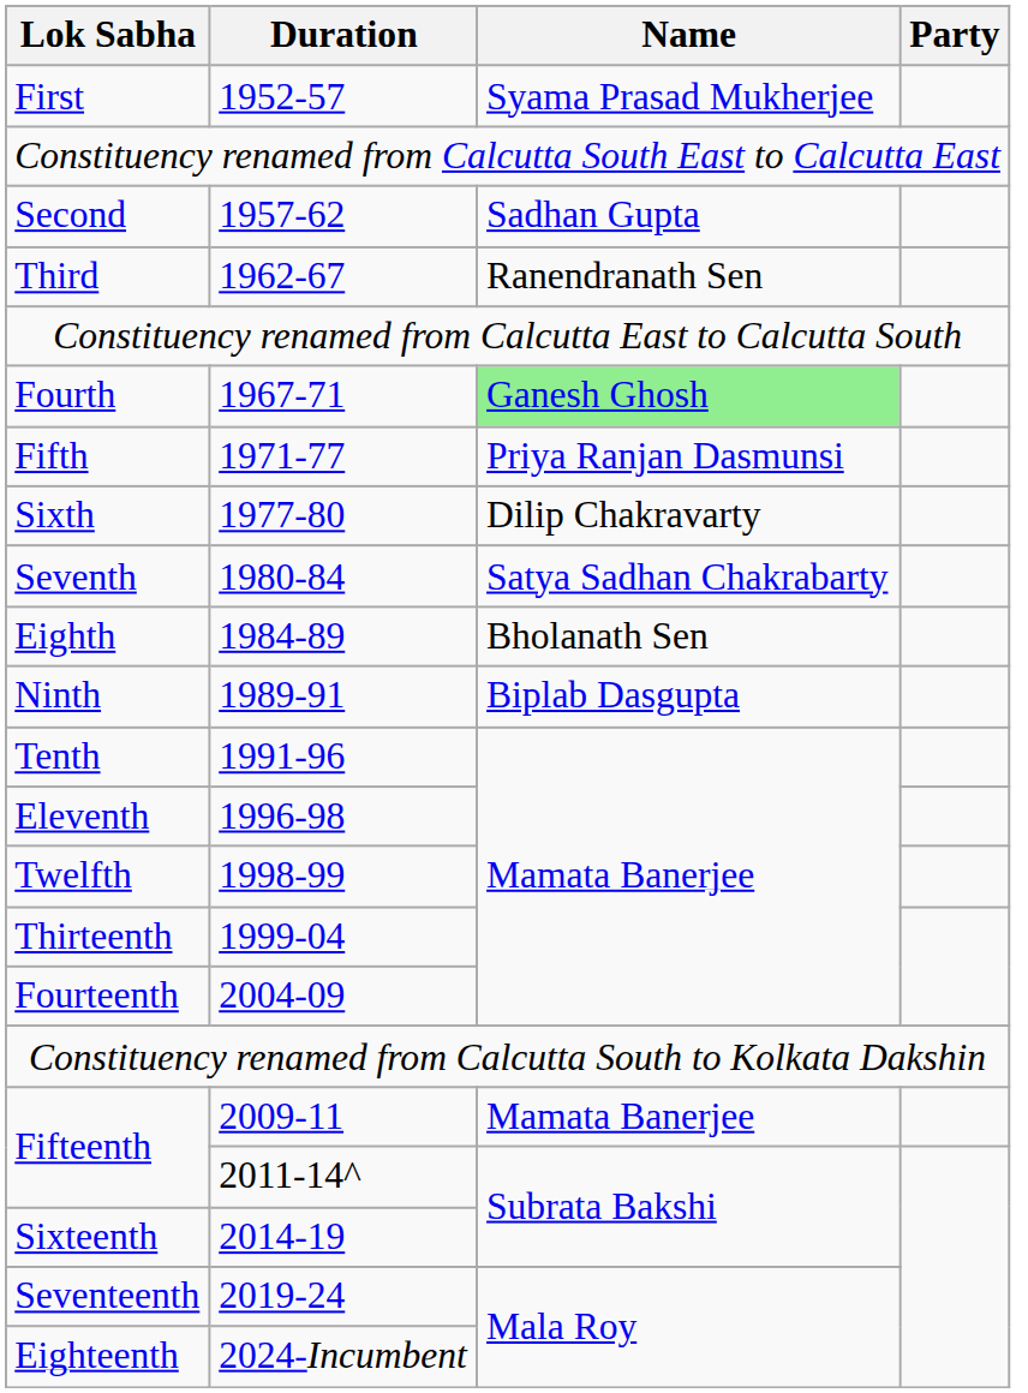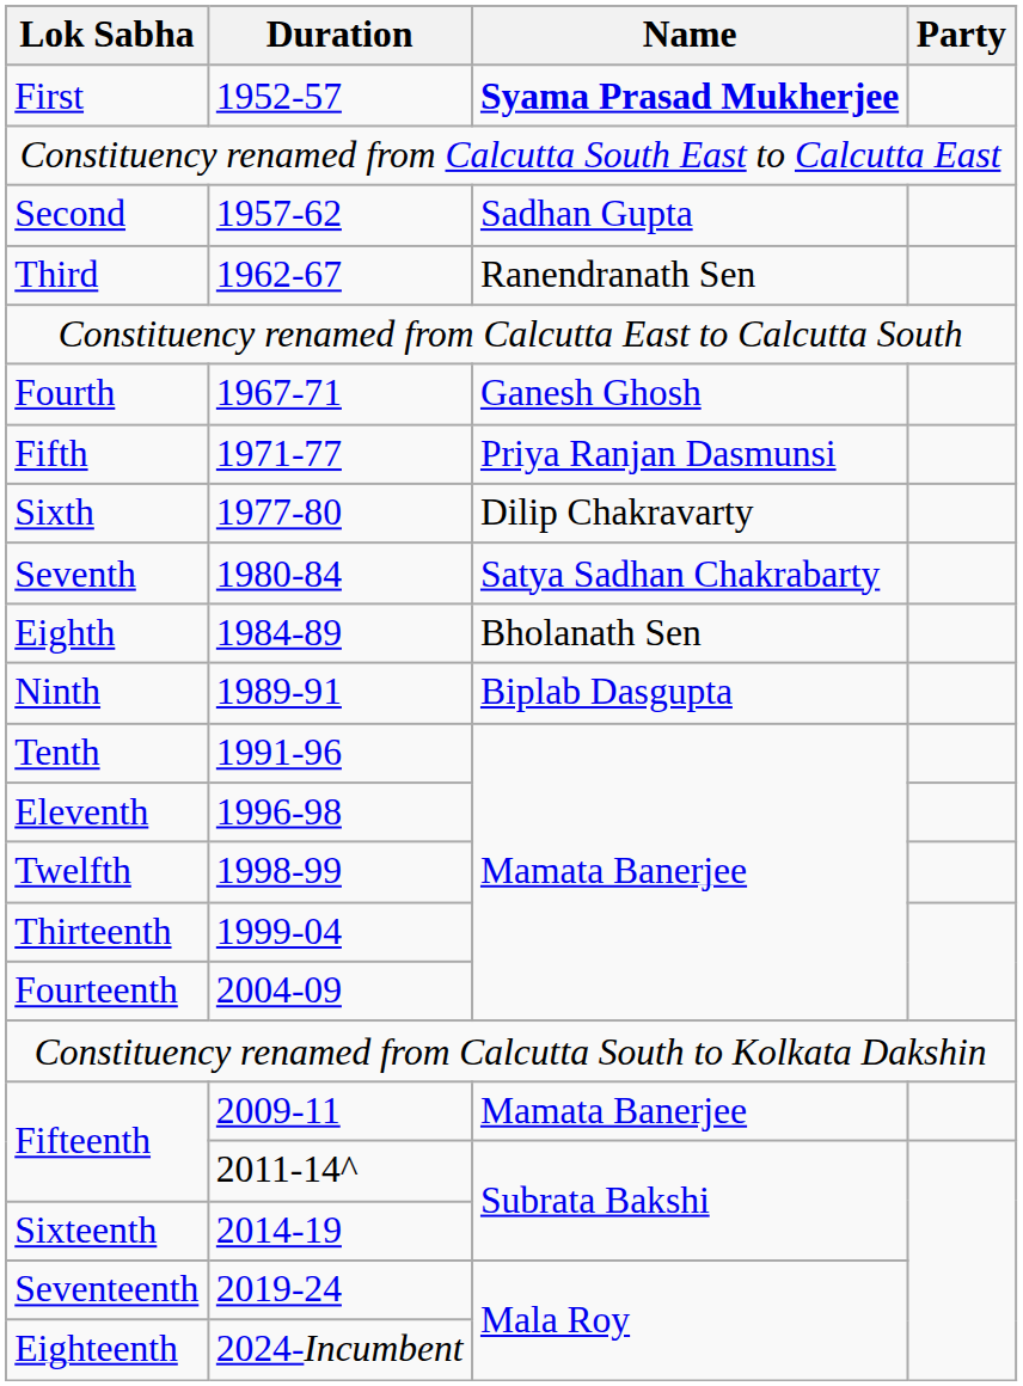 <table class="wikitable sortable">
 <tr>
 <th>Lok Sabha</th>
 <th>Duration</th>
 <th>Name</th>
 <th colspan=2>Party</th>
 </tr>
 <tr>
 <td><a href='#'>First</a></td>
 <td><a href='#'>1952-57</a></td>
-<td><a href='#'>Syama Prasad Mukherjee</a></td>
+<td><strong><a href='#'>Syama Prasad Mukherjee</a></strong></td>
 <td></td>
 </tr>
 <tr>
 <td colspan=5 align=center><em>Constituency renamed from <a href='#'>Calcutta South East</a> to <a href='#'>Calcutta East</a></em></td>
 </tr>
 <tr>
 <td><a href='#'>Second</a></td>
 <td><a href='#'>1957-62</a></td>
 <td><a href='#'>Sadhan Gupta</a></td>
 <td></td>
 </tr>
 <tr>
 <td><a href='#'>Third</a></td>
 <td><a href='#'>1962-67</a></td>
 <td>Ranendranath Sen</td>
 </tr>
 <tr>
 <td colspan=5 align=center><em>Constituency renamed from Calcutta East to Calcutta South</em></td>
 </tr>
 <tr>
 <td><a href='#'>Fourth</a></td>
 <td><a href='#'>1967-71</a></td>
-<td style="background: lightgreen;"><a href='#'>Ganesh Ghosh</a></td>
+<td><a href='#'>Ganesh Ghosh</a></td>
 <td></td>
 </tr>
 <tr>
 <td><a href='#'>Fifth</a></td>
 <td><a href='#'>1971-77</a></td>
 <td><a href='#'>Priya Ranjan Dasmunsi</a></td>
 <td></td>
 </tr>
 <tr>
 <td><a href='#'>Sixth</a></td>
 <td><a href='#'>1977-80</a></td>
 <td>Dilip Chakravarty</td>
 <td></td>
 </tr>
 <tr>
 <td><a href='#'>Seventh</a></td>
 <td><a href='#'>1980-84</a></td>
 <td><a href='#'>Satya Sadhan Chakrabarty</a></td>
 <td></td>
 </tr>
 <tr>
 <td><a href='#'>Eighth</a></td>
 <td><a href='#'>1984-89</a></td>
 <td>Bholanath Sen</td>
 <td></td>
 </tr>
 <tr>
 <td><a href='#'>Ninth</a></td>
 <td><a href='#'>1989-91</a></td>
 <td><a href='#'>Biplab Dasgupta</a></td>
 <td></td>
 </tr>
 <tr>
 <td><a href='#'>Tenth</a></td>
 <td><a href='#'>1991-96</a></td>
 <td rowspan="5"><a href='#'>Mamata Banerjee</a></td>
 <td></td>
 </tr>
 <tr>
 <td><a href='#'>Eleventh</a></td>
 <td><a href='#'>1996-98</a></td>
 </tr>
 <tr>
 <td><a href='#'>Twelfth</a></td>
 <td><a href='#'>1998-99</a></td>
 <td></td>
 </tr>
 <tr>
 <td><a href='#'>Thirteenth</a></td>
 <td><a href='#'>1999-04</a></td>
 </tr>
 <tr>
 <td><a href='#'>Fourteenth</a></td>
 <td><a href='#'>2004-09</a></td>
 </tr>
 <tr>
 <td colspan=5 align=center><em>Constituency renamed from Calcutta South to Kolkata Dakshin</em></td>
 </tr>
 <tr>
 <td rowspan="2"><a href='#'>Fifteenth</a></td>
 <td><a href='#'>2009-11</a></td>
 <td><a href='#'>Mamata Banerjee</a></td>
 <td></td>
 </tr>
 <tr>
 <td>2011-14^</td>
 <td rowspan="2"><a href='#'>Subrata Bakshi</a></td>
 </tr>
 <tr>
 <td><a href='#'>Sixteenth</a></td>
 <td><a href='#'>2014-19</a></td>
 </tr>
 <tr>
 <td><a href='#'>Seventeenth</a></td>
 <td><a href='#'>2019-24</a></td>
 <td rowspan="2"><a href='#'>Mala Roy</a></td>
 </tr>
 <tr>
 <td><a href='#'>Eighteenth</a></td>
 <td><a href='#'>2024-</a><em>Incumbent</em></td>
 </tr>
 </table>
